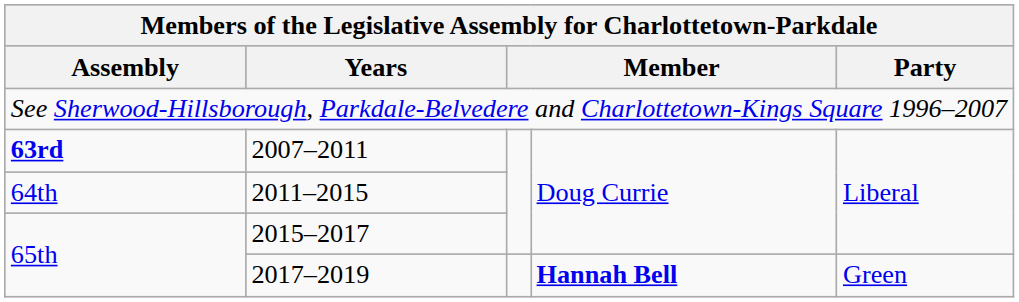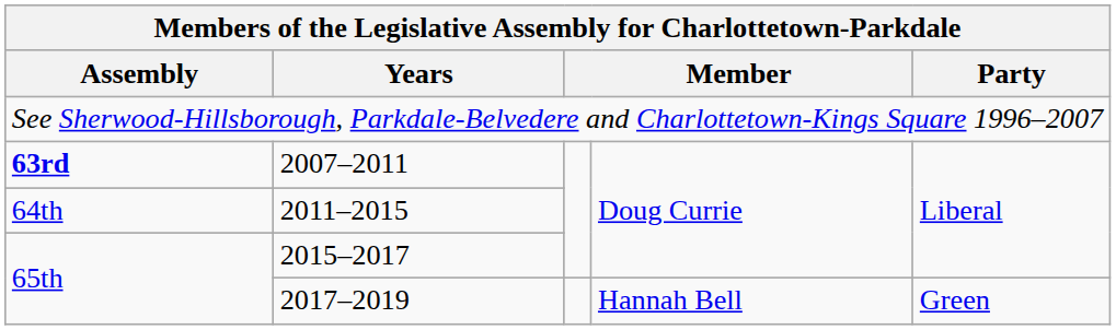 <table class="wikitable" align=centre>
 <tr>
 <th colspan=5>Members of the Legislative Assembly for Charlottetown-Parkdale</th>
 </tr>
 <tr>
 <th>Assembly</th>
 <th>Years</th>
 <th colspan="2">Member</th>
 <th>Party</th>
 </tr>
 <tr>
 <td align="center" colspan=5><em>See <a href='#'>Sherwood-Hillsborough</a>, <a href='#'>Parkdale-Belvedere</a> and <a href='#'>Charlottetown-Kings Square</a> 1996–2007</em></td>
 </tr>
 <tr>
 <td><strong><a href='#'>63rd</a></strong></td>
 <td>2007–2011</td>
 <td rowspan=3 ></td>
 <td rowspan=3><a href='#'>Doug Currie</a></td>
 <td rowspan=3><a href='#'>Liberal</a></td>
 </tr>
 <tr>
 <td><a href='#'>64th</a></td>
 <td>2011–2015</td>
 </tr>
 <tr>
 <td rowspan=2><a href='#'>65th</a></td>
 <td>2015–2017</td>
 </tr>
 <tr>
 <td>2017–2019</td>
 <td></td>
-<td><strong><a href='#'>Hannah Bell</a></strong></td>
+<td><a href='#'>Hannah Bell</a></td>
 <td><a href='#'>Green</a></td>
 </tr>
 </table>
